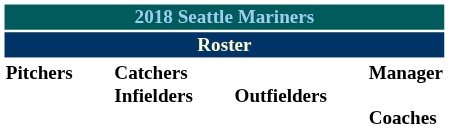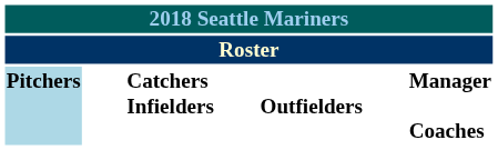 <table class="toccolours" style="font-size: 95%;">
 <tr>
 <th colspan="10" style="background:#005c5c; color:#9eceee; text-align:center;">2018 Seattle Mariners</th>
 </tr>
 <tr>
 <td colspan="10" style="background:#036; color:#fffdd0; text-align:center;"><strong>Roster</strong></td>
 </tr>
 <tr>
-<td valign="top"><strong>Pitchers</strong><br>                             </td>
+<td valign="top" style="background: lightblue;"><strong>Pitchers</strong><br>                             </td>
 <td style="width:25px;"></td>
 <td valign="top"><strong>Catchers</strong><br>    <strong>Infielders</strong>           </td>
 <td style="width:25px;"></td>
 <td valign="top"><br><strong>Outfielders</strong>        </td>
 <td style="width:25px;"></td>
 <td valign="top"><strong>Manager</strong><br><br><strong>Coaches</strong>                </td>
 </tr>
 </table>
